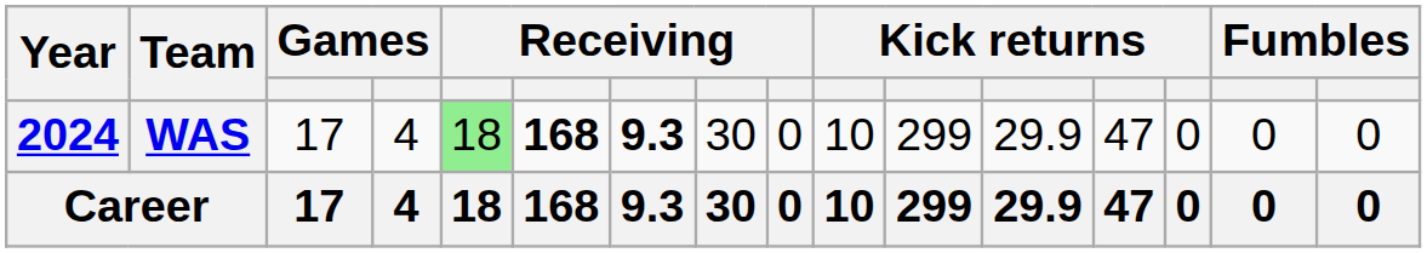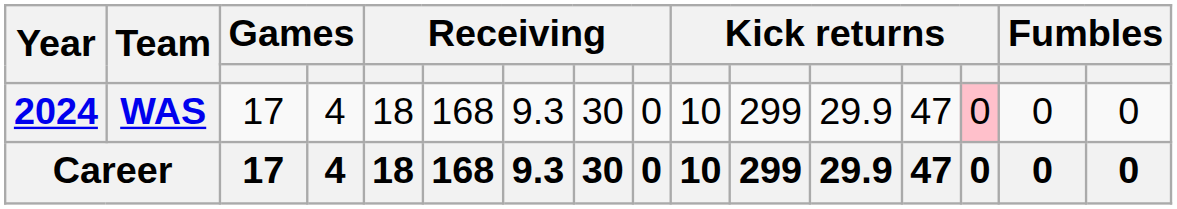 <table class="wikitable" style="text-align:center;">
 <tr>
 <th rowspan="2">Year</th>
 <th rowspan="2">Team</th>
 <th colspan="2">Games</th>
 <th colspan="5">Receiving</th>
 <th colspan="5">Kick returns</th>
 <th colspan="2">Fumbles</th>
 </tr>
 <tr>
 <th></th>
 <th></th>
 <th></th>
 <th></th>
 <th></th>
 <th></th>
 <th></th>
 <th></th>
 <th></th>
 <th></th>
 <th></th>
 <th></th>
 <th></th>
 <th></th>
 </tr>
 <tr>
 <th><a href='#'>2024</a></th>
 <th><a href='#'>WAS</a></th>
 <td>17</td>
 <td>4</td>
-<td style="background: lightgreen;">18</td>
-<td><strong>168</strong></td>
-<td><strong>9.3</strong></td>
+<td>18</td>
+<td>168</td>
+<td>9.3</td>
 <td>30</td>
 <td>0</td>
 <td>10</td>
 <td>299</td>
 <td>29.9</td>
 <td>47</td>
-<td>0</td>
+<td style="background: pink;">0</td>
 <td>0</td>
 <td>0</td>
 </tr>
 <tr>
 <th colspan="2">Career</th>
 <th>17</th>
 <th>4</th>
 <th>18</th>
 <th>168</th>
 <th>9.3</th>
 <th>30</th>
 <th>0</th>
 <th>10</th>
 <th>299</th>
 <th>29.9</th>
 <th>47</th>
 <th>0</th>
 <th>0</th>
 <th>0</th>
 </tr>
 </table>
